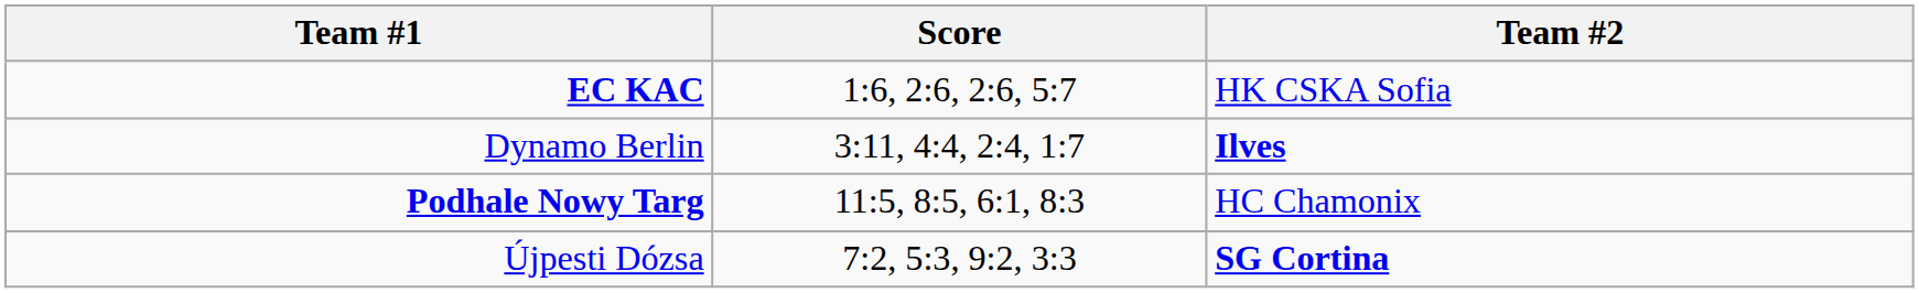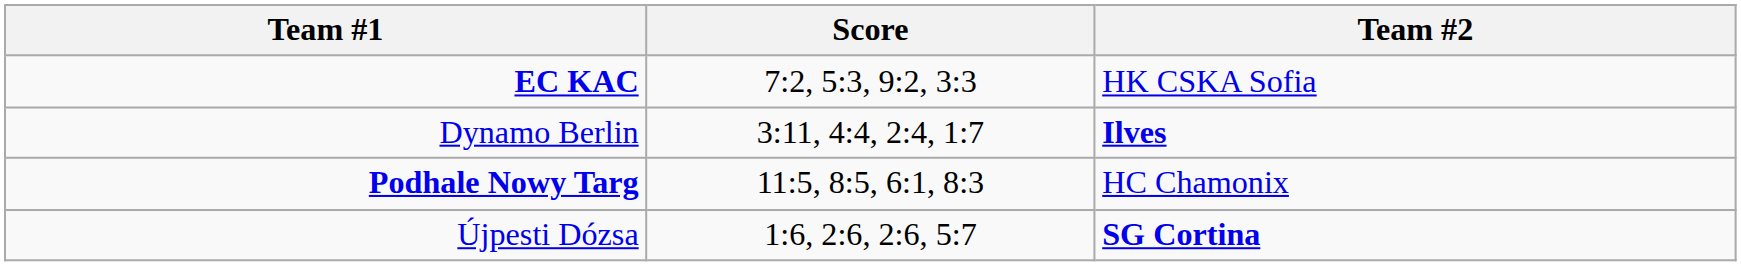 <table class="wikitable" style="text-align: center;">
 <tr>
 <th width=20%>Team #1</th>
 <th width=14%>Score</th>
 <th width=20%>Team #2</th>
 </tr>
 <tr>
 <td style="text-align: right;"><strong><a href='#'>EC KAC</a></strong> </td>
-<td>1:6, 2:6, 2:6, 5:7</td>
+<td>7:2, 5:3, 9:2, 3:3</td>
 <td style="text-align: left;"> <a href='#'>HK CSKA Sofia</a></td>
 </tr>
 <tr>
 <td style="text-align: right;"><a href='#'>Dynamo Berlin</a> </td>
 <td>3:11, 4:4, 2:4, 1:7</td>
 <td style="text-align: left;"> <strong><a href='#'>Ilves</a></strong></td>
 </tr>
 <tr>
 <td style="text-align: right;"><strong><a href='#'>Podhale Nowy Targ</a></strong> </td>
 <td>11:5, 8:5, 6:1, 8:3</td>
 <td style="text-align: left;"> <a href='#'>HC Chamonix</a></td>
 </tr>
 <tr>
 <td style="text-align: right;"><a href='#'> Újpesti Dózsa</a> </td>
-<td>7:2, 5:3, 9:2, 3:3</td>
+<td>1:6, 2:6, 2:6, 5:7</td>
 <td style="text-align: left;"> <strong><a href='#'>SG Cortina</a></strong></td>
 </tr>
 </table>
